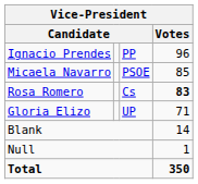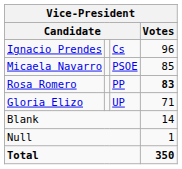 <table class="wikitable" style="font-size:90%; text-align:right;">
 <tr>
 <th colspan="4">Vice-President</th>
 </tr>
 <tr>
 <th colspan="3">Candidate</th>
 <th>Votes</th>
 </tr>
 <tr>
 <td align=left><a href='#'>Ignacio Prendes</a></td>
 <td style="background:"></td>
-<td align=left><a href='#'>PP</a></td>
+<td align=left><a href='#'>Cs</a></td>
 <td>96</td>
 </tr>
 <tr>
 <td align=left><a href='#'>Micaela Navarro</a></td>
 <td style="background:"></td>
 <td align=left><a href='#'>PSOE</a></td>
 <td>85</td>
 </tr>
 <tr>
 <td align=left><a href='#'>Rosa Romero</a></td>
 <td style="background:"></td>
-<td align=left><a href='#'>Cs</a></td>
+<td align=left><a href='#'>PP</a></td>
 <td><strong>83</strong></td>
 </tr>
 <tr>
 <td align=left><a href='#'>Gloria Elizo</a></td>
 <td style="background:"></td>
 <td align=left><a href='#'>UP</a></td>
 <td>71</td>
 </tr>
 <tr>
 <td align=left colspan="3">Blank</td>
 <td>14</td>
 </tr>
 <tr>
 <td align=left colspan="3">Null</td>
 <td>1</td>
 </tr>
 <tr style="font-weight:bold">
 <td align=left colspan="3">Total</td>
 <td>350</td>
 </tr>
 </table>
